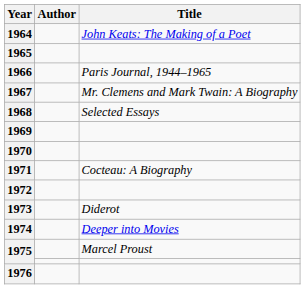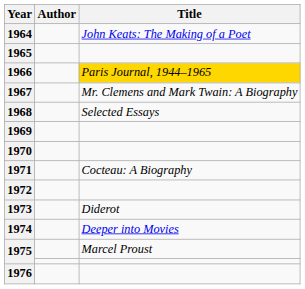 <table class="wikitable sortable mw-collapsible">
 <tr>
 <th>Year</th>
 <th>Author</th>
 <th>Title</th>
 </tr>
 <tr>
 <th>1964</th>
 <td></td>
 <td><em><a href='#'>John Keats: The Making of a Poet</a></em></td>
 </tr>
 <tr>
 <th>1965</th>
 <td></td>
 <td><em></em></td>
 </tr>
 <tr>
 <th>1966</th>
 <td></td>
-<td><em>Paris Journal, 1944–1965</em></td>
+<td style="background: gold;"><em>Paris Journal, 1944–1965</em></td>
 </tr>
 <tr>
 <th>1967</th>
 <td></td>
 <td><em>Mr. Clemens and Mark Twain: A Biography</em></td>
 </tr>
 <tr>
 <th>1968</th>
 <td></td>
 <td><em>Selected Essays</em></td>
 </tr>
 <tr>
 <th>1969</th>
 <td></td>
 <td><em></em></td>
 </tr>
 <tr>
 <th>1970</th>
 <td></td>
 <td><em></em></td>
 </tr>
 <tr>
 <th>1971</th>
 <td></td>
 <td><em>Cocteau: A Biography</em></td>
 </tr>
 <tr>
 <th>1972</th>
 <td></td>
 <td><em></em></td>
 </tr>
 <tr>
 <th>1973</th>
 <td></td>
 <td><em>Diderot</em></td>
 </tr>
 <tr>
 <th>1974</th>
 <td></td>
 <td><em><a href='#'>Deeper into Movies</a></em></td>
 </tr>
 <tr>
 <th rowspan="2">1975</th>
 <td></td>
 <td><em>Marcel Proust</em></td>
 </tr>
 <tr>
 <td></td>
 <td><em></em></td>
 </tr>
 <tr>
 <th>1976</th>
 <td></td>
 <td><em></em></td>
 </tr>
 </table>
